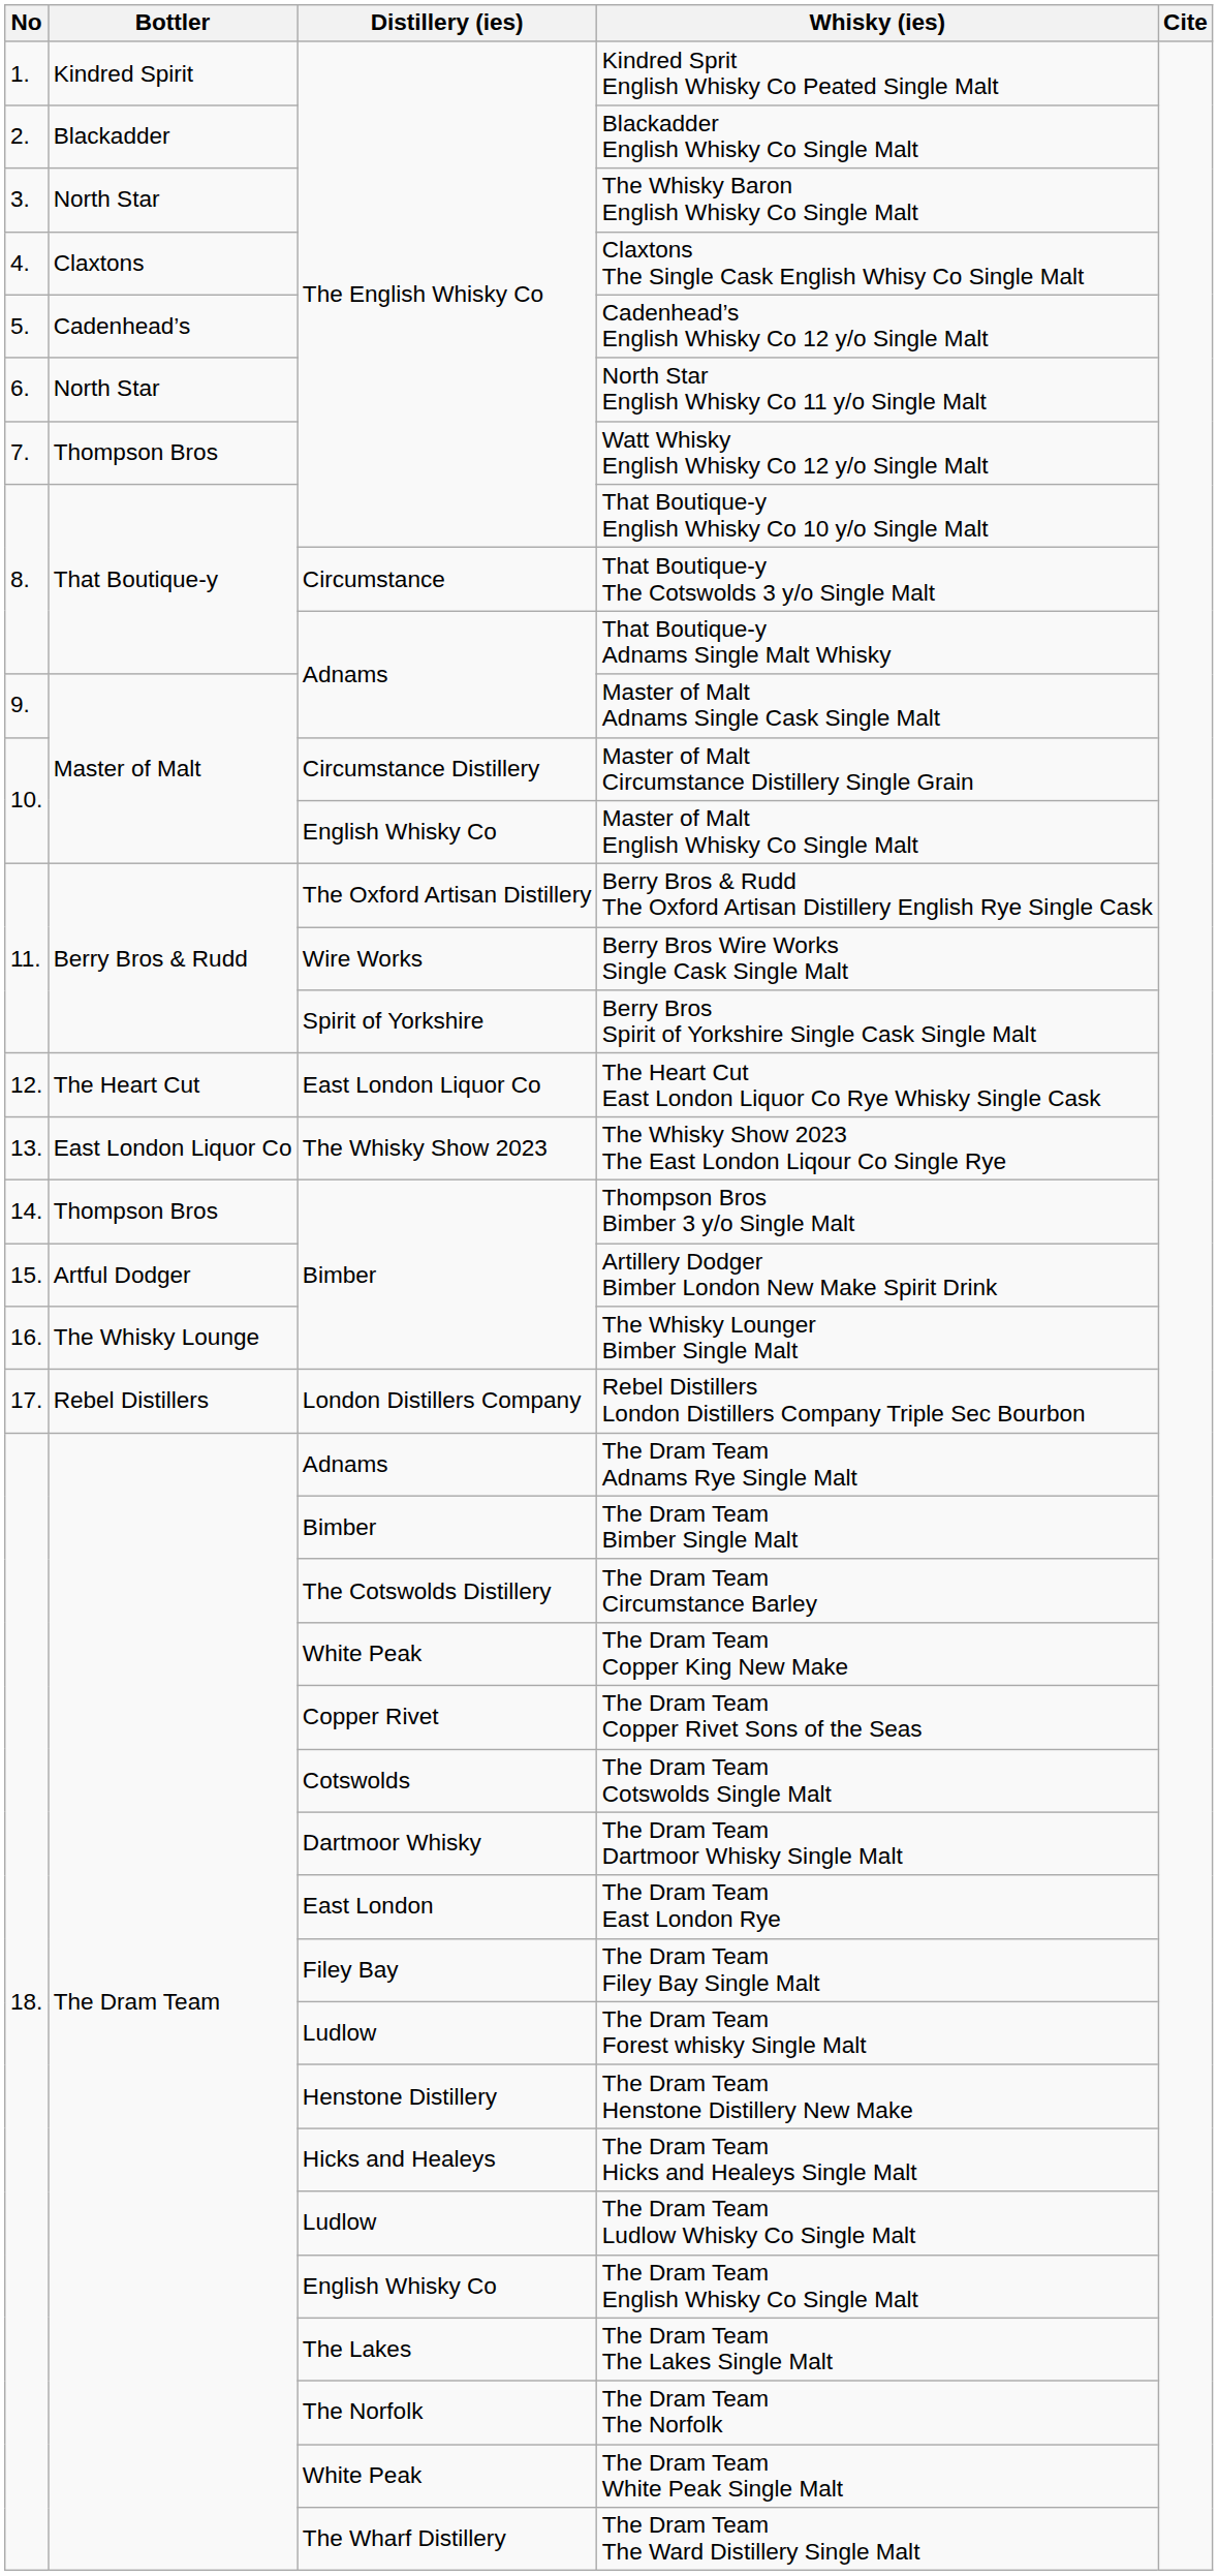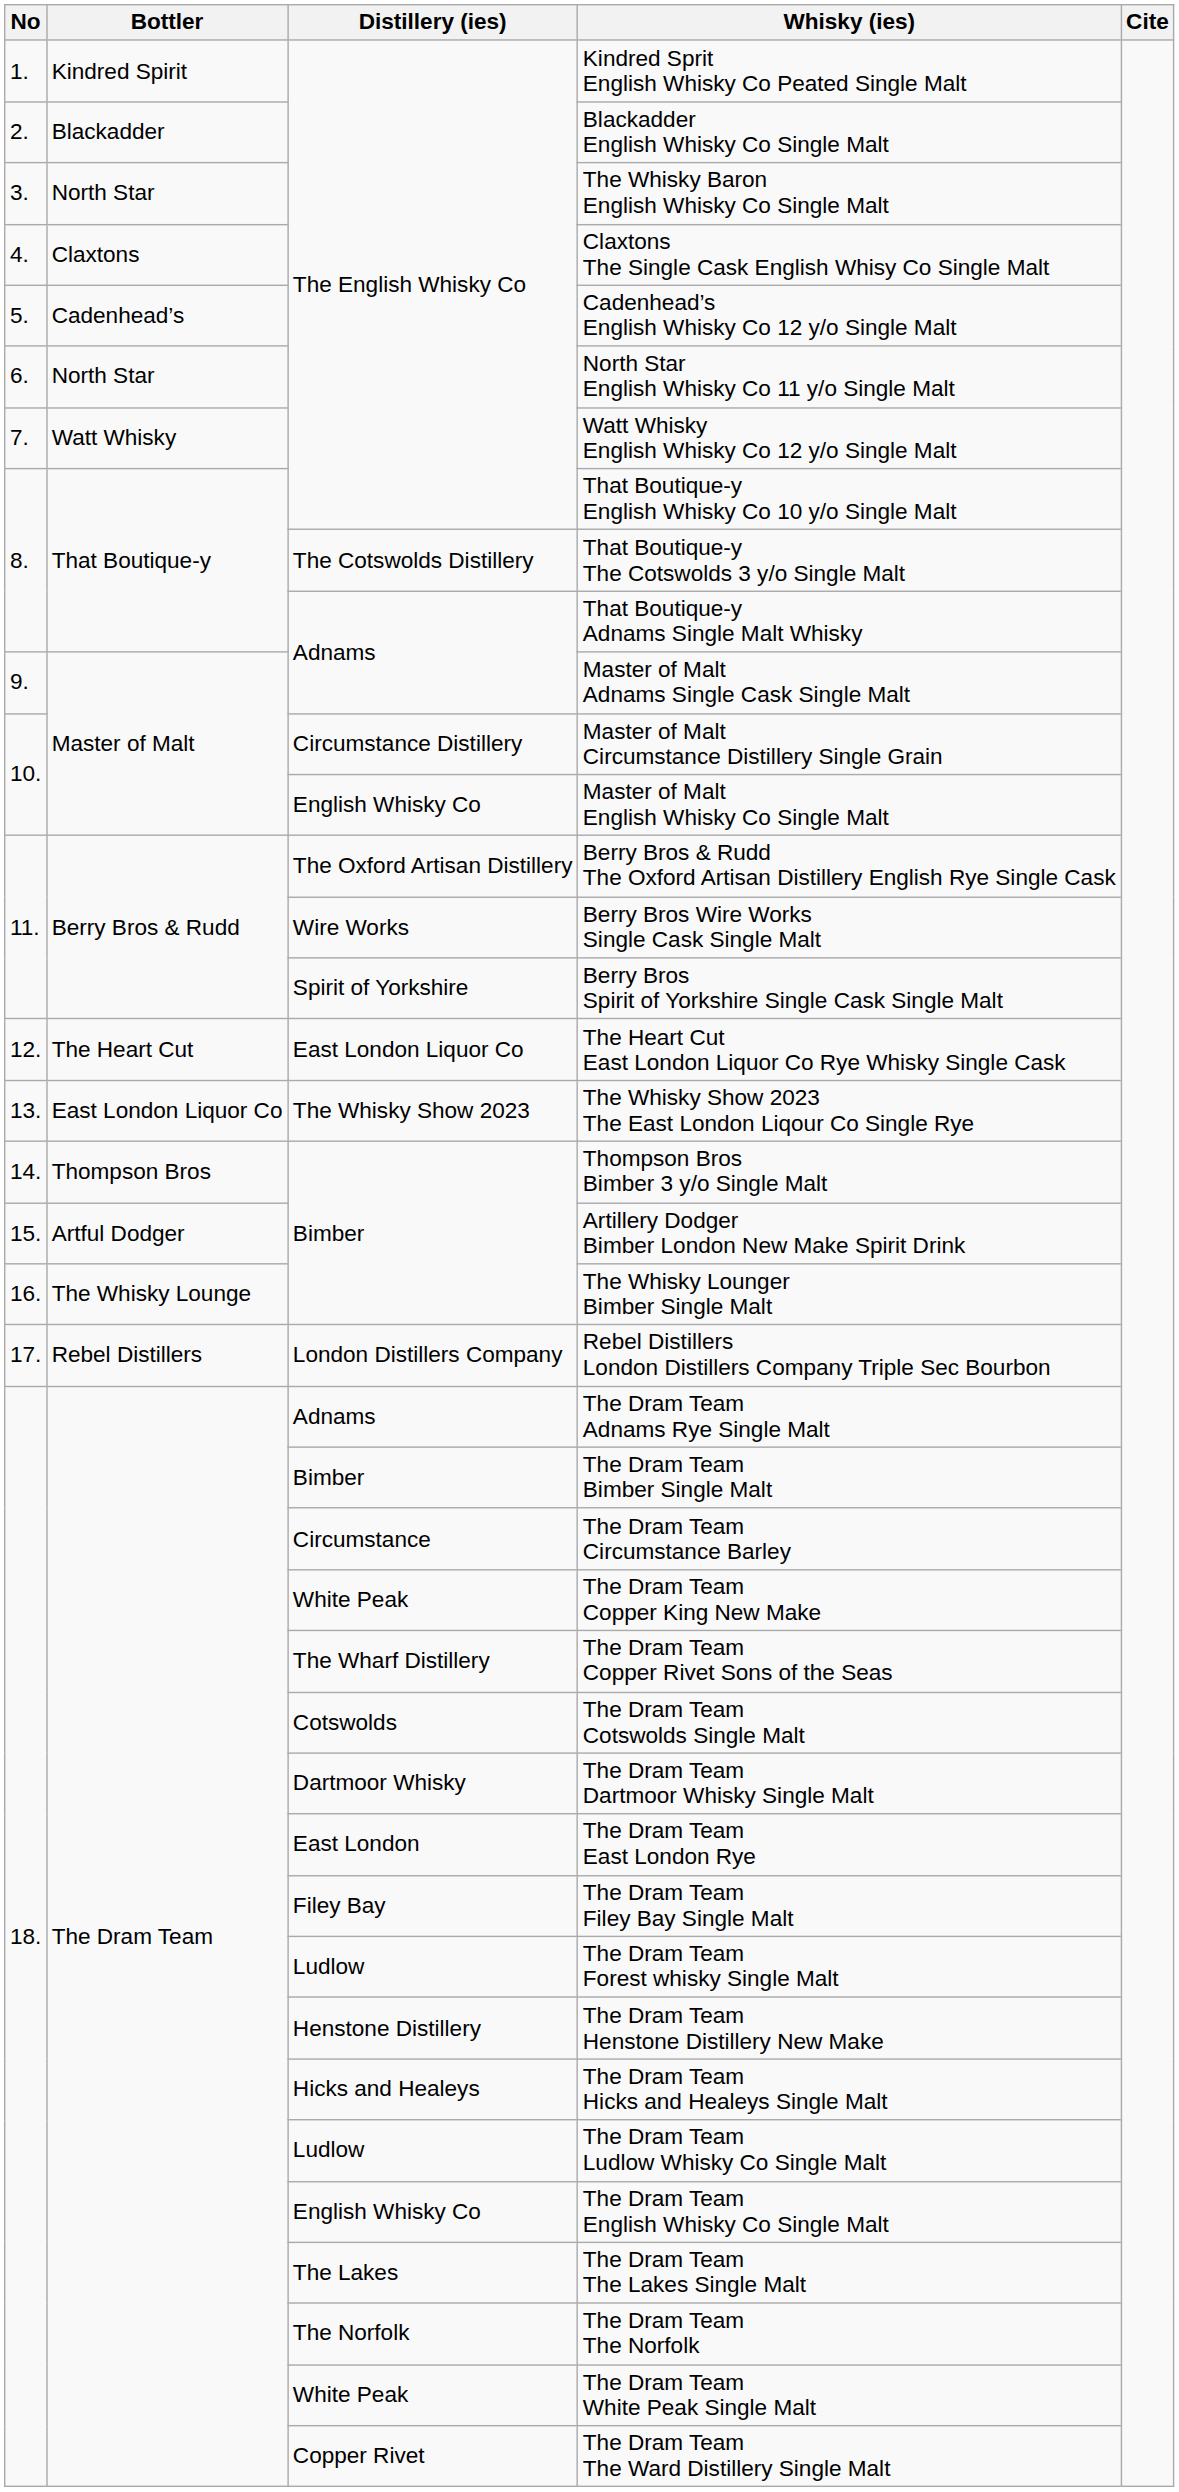 <table class="wikitable">
 <tr>
 <th>No</th>
 <th>Bottler</th>
 <th>Distillery (ies)</th>
 <th>Whisky (ies)</th>
 <th>Cite</th>
 </tr>
 <tr>
 <td>1.</td>
 <td>Kindred Spirit</td>
 <td rowspan="8">The English Whisky Co</td>
 <td>Kindred Sprit<br>English Whisky Co Peated Single Malt</td>
 <td rowspan="40"> </td>
 </tr>
 <tr>
 <td>2.</td>
 <td>Blackadder</td>
 <td>Blackadder<br>English Whisky Co  Single Malt</td>
 </tr>
 <tr>
 <td>3.</td>
 <td>North Star</td>
 <td>The Whisky Baron<br>English Whisky Co Single Malt</td>
 </tr>
 <tr>
 <td>4.</td>
 <td>Claxtons</td>
 <td>Claxtons<br>The Single Cask English Whisy Co Single Malt</td>
 </tr>
 <tr>
 <td>5.</td>
 <td>Cadenhead’s</td>
 <td>Cadenhead’s<br>English Whisky Co 12 y/o Single Malt</td>
 </tr>
 <tr>
 <td>6.</td>
 <td>North Star</td>
 <td>North Star<br>English Whisky Co 11 y/o Single Malt</td>
 </tr>
 <tr>
 <td>7.</td>
-<td>Thompson Bros</td>
+<td>Watt Whisky</td>
 <td>Watt Whisky<br>English Whisky Co 12 y/o Single Malt</td>
 </tr>
 <tr>
 <td rowspan="3">8.</td>
 <td rowspan="3">That Boutique-y</td>
 <td>That Boutique-y<br>English Whisky Co 10 y/o Single Malt</td>
 </tr>
 <tr>
-<td>Circumstance</td>
+<td>The Cotswolds Distillery</td>
 <td>That Boutique-y<br>The Cotswolds 3 y/o Single Malt</td>
 </tr>
 <tr>
 <td rowspan="2">Adnams</td>
 <td>That Boutique-y<br>Adnams Single Malt Whisky</td>
 </tr>
 <tr>
 <td>9.</td>
 <td rowspan="3">Master of Malt</td>
 <td>Master of Malt<br>Adnams Single Cask Single Malt</td>
 </tr>
 <tr>
 <td rowspan="2">10.</td>
 <td>Circumstance Distillery</td>
 <td>Master of Malt<br>Circumstance Distillery  Single Grain</td>
 </tr>
 <tr>
 <td>English Whisky Co</td>
 <td>Master of Malt<br>English Whisky Co Single Malt</td>
 </tr>
 <tr>
 <td rowspan="3">11.</td>
 <td rowspan="3">Berry Bros & Rudd</td>
 <td>The Oxford Artisan Distillery</td>
 <td>Berry Bros & Rudd<br>The Oxford Artisan Distillery English Rye Single Cask</td>
 </tr>
 <tr>
 <td>Wire Works</td>
 <td>Berry Bros Wire Works<br>Single Cask Single Malt</td>
 </tr>
 <tr>
 <td>Spirit of Yorkshire</td>
 <td>Berry Bros<br>Spirit of Yorkshire  Single Cask Single Malt</td>
 </tr>
 <tr>
 <td>12.</td>
 <td>The Heart Cut</td>
 <td>East London Liquor Co</td>
 <td>The Heart Cut<br>East London Liquor Co Rye Whisky Single Cask</td>
 </tr>
 <tr>
 <td>13.</td>
 <td>East London Liquor Co</td>
 <td>The Whisky Show 2023</td>
 <td>The Whisky Show 2023<br>The East London Liqour Co Single Rye</td>
 </tr>
 <tr>
 <td>14.</td>
 <td>Thompson Bros</td>
 <td rowspan="3">Bimber</td>
 <td>Thompson Bros<br>Bimber 3 y/o Single Malt</td>
 </tr>
 <tr>
 <td>15.</td>
 <td>Artful Dodger</td>
 <td>Artillery Dodger<br>Bimber London New Make Spirit Drink</td>
 </tr>
 <tr>
 <td>16.</td>
 <td>The Whisky Lounge</td>
 <td>The Whisky Lounger<br>Bimber Single Malt</td>
 </tr>
 <tr>
 <td>17.</td>
 <td>Rebel Distillers</td>
 <td>London Distillers Company</td>
 <td>Rebel Distillers<br>London Distillers Company Triple Sec Bourbon</td>
 </tr>
 <tr>
 <td rowspan="18">18.</td>
 <td rowspan="18">The Dram Team</td>
 <td>Adnams</td>
 <td>The Dram Team<br>Adnams Rye Single Malt</td>
 </tr>
 <tr>
 <td>Bimber</td>
 <td>The Dram Team<br>Bimber Single Malt</td>
 </tr>
 <tr>
-<td>The Cotswolds Distillery</td>
+<td>Circumstance</td>
 <td>The Dram Team<br>Circumstance Barley</td>
 </tr>
 <tr>
 <td>White Peak</td>
 <td>The Dram Team<br>Copper King New Make</td>
 </tr>
 <tr>
-<td>Copper Rivet</td>
+<td>The Wharf Distillery</td>
 <td>The Dram Team<br>Copper Rivet Sons of the Seas</td>
 </tr>
 <tr>
 <td>Cotswolds</td>
 <td>The Dram Team<br>Cotswolds Single Malt</td>
 </tr>
 <tr>
 <td>Dartmoor Whisky</td>
 <td>The Dram Team<br>Dartmoor Whisky Single Malt</td>
 </tr>
 <tr>
 <td>East London</td>
 <td>The Dram Team<br>East London Rye</td>
 </tr>
 <tr>
 <td>Filey Bay</td>
 <td>The Dram Team<br>Filey Bay Single Malt</td>
 </tr>
 <tr>
 <td>Ludlow</td>
 <td>The Dram Team<br>Forest whisky Single Malt</td>
 </tr>
 <tr>
 <td>Henstone Distillery</td>
 <td>The Dram Team<br>Henstone Distillery New Make</td>
 </tr>
 <tr>
 <td>Hicks and Healeys</td>
 <td>The Dram Team<br>Hicks and Healeys Single Malt</td>
 </tr>
 <tr>
 <td>Ludlow</td>
 <td>The Dram Team<br>Ludlow Whisky Co Single Malt</td>
 </tr>
 <tr>
 <td>English Whisky Co</td>
 <td>The Dram Team<br>English Whisky Co Single Malt</td>
 </tr>
 <tr>
 <td>The Lakes</td>
 <td>The Dram Team<br>The Lakes Single Malt</td>
 </tr>
 <tr>
 <td>The Norfolk</td>
 <td>The Dram Team<br>The Norfolk</td>
 </tr>
 <tr>
 <td>White Peak</td>
 <td>The Dram Team<br>White Peak Single Malt</td>
 </tr>
 <tr>
-<td>The Wharf Distillery</td>
+<td>Copper Rivet</td>
 <td>The Dram Team<br>The Ward Distillery  Single Malt</td>
 </tr>
 </table>
